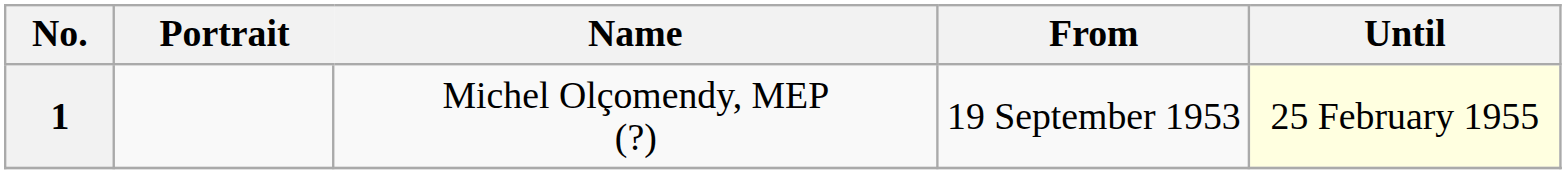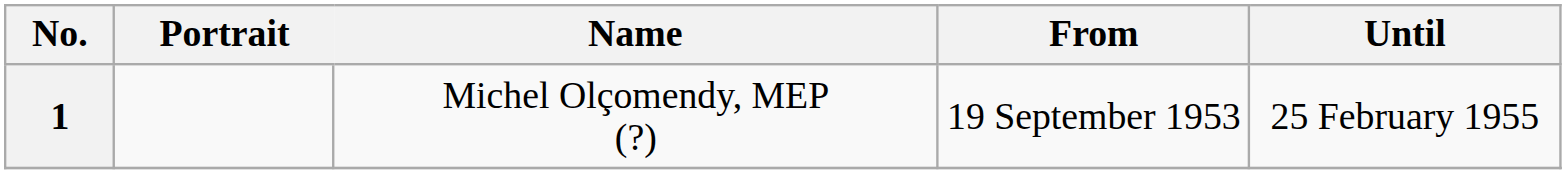 <table class="wikitable" style="text-align:center;">
 <tr>
 <th scope="col">No.</th>
 <th scope="col" style="border-right:none;">Portrait</th>
 <th scope="col" style="border-left:none;">Name</th>
 <th scope="col" style="width:20%;">From</th>
 <th scope="col" style="width:20%;">Until</th>
 </tr>
 <tr>
 <th scope="row">1</th>
 <td></td>
 <td>Michel Olçomendy, MEP<br> (?)</td>
 <td>19 September 1953</td>
-<td style="background: lightyellow;">25 February 1955</td>
+<td>25 February 1955</td>
 </tr>
 <tr>
 </tr>
 </table>
